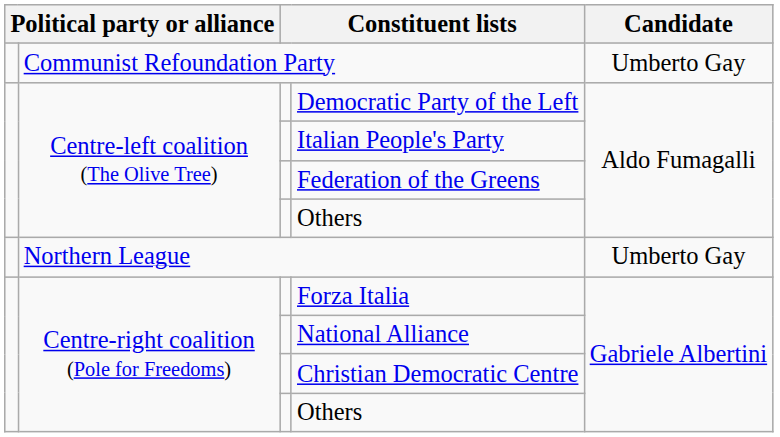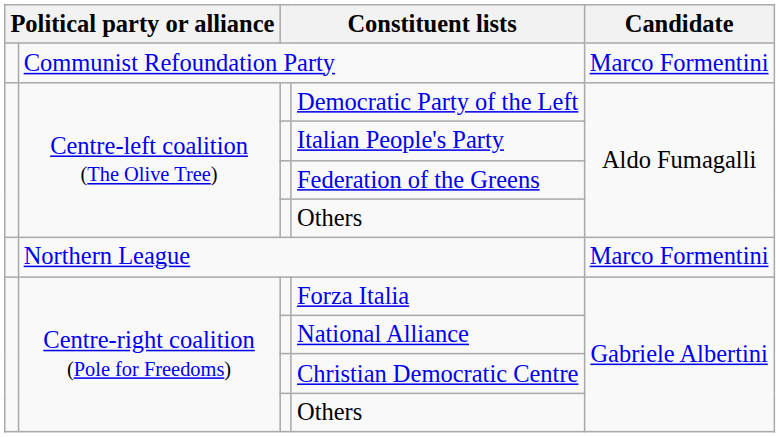 <table class=wikitable style="text-align:left">
 <tr>
 <th colspan=2>Political party or alliance</th>
 <th colspan=2>Constituent lists</th>
 <th>Candidate</th>
 </tr>
 <tr>
 <td style="background-color:"></td>
 <td colspan=3  style="text-align:left;"><a href='#'>Communist Refoundation Party</a></td>
-<td style="text-align:center;">Umberto Gay</td>
+<td style="text-align:center;"><a href='#'>Marco Formentini</a></td>
 </tr>
 <tr>
 <td rowspan=4 style="background-color:"></td>
 <td rowspan=4 style="text-align:center;"><a href='#'>Centre-left coalition</a><br><small>(<a href='#'>The Olive Tree</a>)</small></td>
 <td></td>
 <td style="text-align:left;"><a href='#'>Democratic Party of the Left</a></td>
 <td rowspan=4 style="text-align:center;">Aldo Fumagalli</td>
 </tr>
 <tr>
 <td></td>
 <td style="text-align:left;"><a href='#'>Italian People's Party</a></td>
 </tr>
 <tr>
 <td></td>
 <td style="text-align:left;"><a href='#'>Federation of the Greens</a></td>
 </tr>
 <tr>
 <td></td>
 <td style="text-align:left;">Others</td>
 </tr>
 <tr>
 <td style="background-color:"></td>
 <td colspan=3  style="text-align:left;"><a href='#'>Northern League</a></td>
-<td style="text-align:center;">Umberto Gay</td>
+<td style="text-align:center;"><a href='#'>Marco Formentini</a></td>
 </tr>
 <tr>
 <td rowspan=4 style="background-color:"></td>
 <td rowspan=4 style="text-align:center;"><a href='#'>Centre-right coalition</a><br><small>(<a href='#'>Pole for Freedoms</a>)</small></td>
 <td></td>
 <td style="text-align:left;"><a href='#'>Forza Italia</a></td>
 <td rowspan=4 style="text-align:center;"><a href='#'>Gabriele Albertini</a></td>
 </tr>
 <tr>
 <td></td>
 <td style="text-align:left;"><a href='#'>National Alliance</a></td>
 </tr>
 <tr>
 <td></td>
 <td style="text-align:left;"><a href='#'>Christian Democratic Centre</a></td>
 </tr>
 <tr>
 <td></td>
 <td style="text-align:left;">Others</td>
 </tr>
 </table>
